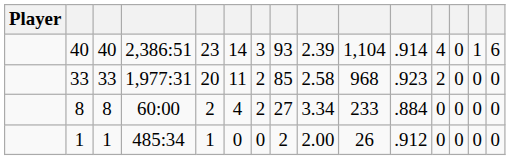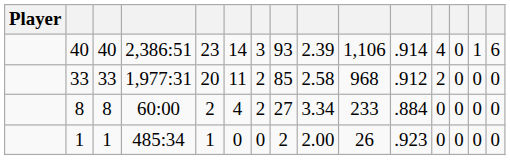 <table class="wikitable sortable" style="text-align:center;">
 <tr>
 <th>Player</th>
 <th></th>
 <th></th>
 <th></th>
 <th></th>
 <th></th>
 <th></th>
 <th></th>
 <th></th>
 <th></th>
 <th></th>
 <th></th>
 <th></th>
 <th></th>
 <th></th>
 </tr>
 <tr>
 <td></td>
 <td>40</td>
 <td>40</td>
 <td>2,386:51</td>
 <td>23</td>
 <td>14</td>
 <td>3</td>
 <td>93</td>
 <td>2.39</td>
-<td>1,104</td>
+<td>1,106</td>
 <td>.914</td>
 <td>4</td>
 <td>0</td>
 <td>1</td>
 <td>6</td>
 </tr>
 <tr>
 <td></td>
 <td>33</td>
 <td>33</td>
 <td>1,977:31</td>
 <td>20</td>
 <td>11</td>
 <td>2</td>
 <td>85</td>
 <td>2.58</td>
 <td>968</td>
-<td>.923</td>
+<td>.912</td>
 <td>2</td>
 <td>0</td>
 <td>0</td>
 <td>0</td>
 </tr>
 <tr>
 <td></td>
 <td>8</td>
 <td>8</td>
 <td>60:00</td>
 <td>2</td>
 <td>4</td>
 <td>2</td>
 <td>27</td>
 <td>3.34</td>
 <td>233</td>
 <td>.884</td>
 <td>0</td>
 <td>0</td>
 <td>0</td>
 <td>0</td>
 </tr>
 <tr>
 <td></td>
 <td>1</td>
 <td>1</td>
 <td>485:34</td>
 <td>1</td>
 <td>0</td>
 <td>0</td>
 <td>2</td>
 <td>2.00</td>
 <td>26</td>
-<td>.912</td>
+<td>.923</td>
 <td>0</td>
 <td>0</td>
 <td>0</td>
 <td>0</td>
 </tr>
 </table>
